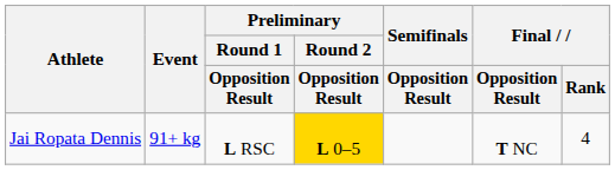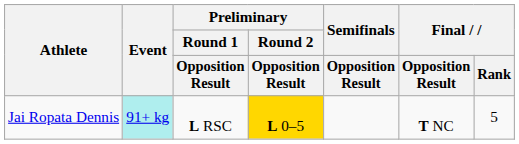 <table class="wikitable" style="font-size:90%;">
 <tr>
 <th rowspan=3>Athlete</th>
 <th rowspan=3>Event</th>
 <th colspan=2>Preliminary</th>
 <th rowspan=2>Semifinals</th>
 <th colspan=2 rowspan=2>Final /  / </th>
 </tr>
 <tr>
 <th>Round 1</th>
 <th>Round 2</th>
 </tr>
 <tr style="font-size:95%">
 <th>Opposition<br>Result</th>
 <th>Opposition<br>Result</th>
 <th>Opposition<br>Result</th>
 <th>Opposition<br>Result</th>
 <th>Rank</th>
 </tr>
 <tr align=center>
 <td align=left><a href='#'>Jai Ropata Dennis</a></td>
-<td align=left><a href='#'>91+ kg</a></td>
+<td align=left style="background: paleturquoise;"><a href='#'>91+ kg</a></td>
 <td><br><strong>L</strong> RSC</td>
 <td style="background: gold;"><br><strong>L</strong> 0–5</td>
 <td></td>
 <td><br><strong>T</strong> NC</td>
-<td>4</td>
+<td>5</td>
 </tr>
 </table>
